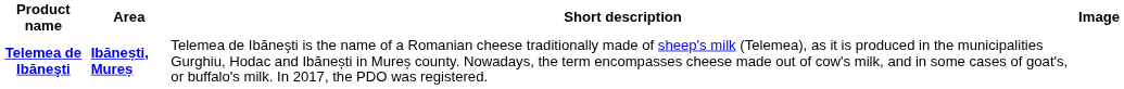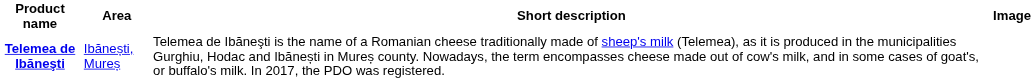 <table>
 <tr>
 <th>Product name</th>
 <th>Area</th>
 <th>Short description</th>
 <th>Image</th>
 </tr>
 <tr>
 <th><a href='#'>Telemea de Ibăneşti</a></th>
-<td><strong><a href='#'>Ibănești, Mureș</a></strong></td>
+<td><a href='#'>Ibănești, Mureș</a></td>
 <td>Telemea de Ibăneşti is the name of a Romanian cheese traditionally made of <a href='#'>sheep's milk</a> (Telemea), as it is produced in the municipalities Gurghiu, Hodac and Ibănești in Mureș county. Nowadays, the term encompasses cheese made out of cow's milk, and in some cases of goat's, or buffalo's milk. In 2017, the PDO was registered.</td>
 <td></td>
 </tr>
 <tr>
 </tr>
 </table>
